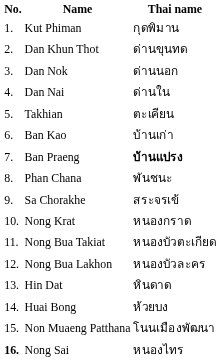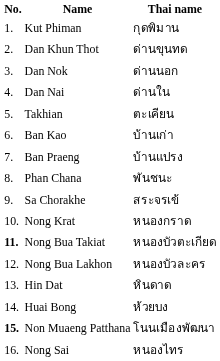 <table>
 <tr>
 <th>No.</th>
 <th>Name</th>
 <th>Thai name</th>
 </tr>
 <tr>
 <td>1.</td>
 <td>Kut Phiman</td>
 <td>กุดพิมาน</td>
 <td></td>
 </tr>
 <tr>
 <td>2.</td>
 <td>Dan Khun Thot</td>
 <td>ด่านขุนทด</td>
 <td></td>
 </tr>
 <tr>
 <td>3.</td>
 <td>Dan Nok</td>
 <td>ด่านนอก</td>
 <td></td>
 </tr>
 <tr>
 <td>4.</td>
 <td>Dan Nai</td>
 <td>ด่านใน</td>
 <td></td>
 </tr>
 <tr>
 <td>5.</td>
 <td>Takhian</td>
 <td>ตะเคียน</td>
 <td></td>
 </tr>
 <tr>
 <td>6.</td>
 <td>Ban Kao</td>
 <td>บ้านเก่า</td>
 <td></td>
 </tr>
 <tr>
 <td>7.</td>
 <td>Ban Praeng</td>
-<td><strong>บ้านแปรง</strong></td>
+<td>บ้านแปรง</td>
 <td></td>
 </tr>
 <tr>
 <td>8.</td>
 <td>Phan Chana</td>
 <td>พันชนะ</td>
 <td></td>
 </tr>
 <tr>
 <td>9.</td>
 <td>Sa Chorakhe</td>
 <td>สระจรเข้</td>
 <td></td>
 </tr>
 <tr>
 <td>10.</td>
 <td>Nong Krat</td>
 <td>หนองกราด</td>
 <td></td>
 </tr>
 <tr>
-<td>11.</td>
+<td><strong>11.</strong></td>
 <td>Nong Bua Takiat</td>
 <td>หนองบัวตะเกียด</td>
 <td></td>
 </tr>
 <tr>
 <td>12.</td>
 <td>Nong Bua Lakhon</td>
 <td>หนองบัวละคร</td>
 <td></td>
 </tr>
 <tr>
 <td>13.</td>
 <td>Hin Dat</td>
 <td>หินดาด</td>
 <td></td>
 </tr>
 <tr>
 <td>14.</td>
 <td>Huai Bong</td>
 <td>ห้วยบง</td>
 <td></td>
 </tr>
 <tr>
-<td>15.</td>
+<td><strong>15.</strong></td>
 <td>Non Muaeng Patthana</td>
 <td>โนนเมืองพัฒนา</td>
 <td></td>
 </tr>
 <tr>
-<td><strong>16.</strong></td>
+<td>16.</td>
 <td>Nong Sai</td>
 <td>หนองไทร</td>
 <td></td>
 </tr>
 </table>
